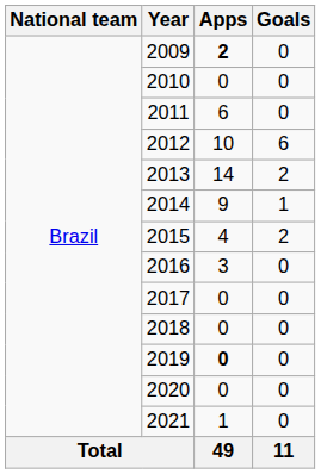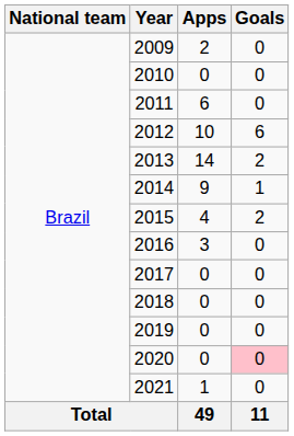 <table class="wikitable" style="text-align:center">
 <tr>
 <th>National team</th>
 <th>Year</th>
 <th>Apps</th>
 <th>Goals</th>
 </tr>
 <tr>
 <td rowspan="13"><a href='#'>Brazil</a></td>
 <td>2009</td>
-<td><strong>2</strong></td>
+<td>2</td>
 <td>0</td>
 </tr>
 <tr>
 <td>2010</td>
 <td>0</td>
 <td>0</td>
 </tr>
 <tr>
 <td>2011</td>
 <td>6</td>
 <td>0</td>
 </tr>
 <tr>
 <td>2012</td>
 <td>10</td>
 <td>6</td>
 </tr>
 <tr>
 <td>2013</td>
 <td>14</td>
 <td>2</td>
 </tr>
 <tr>
 <td>2014</td>
 <td>9</td>
 <td>1</td>
 </tr>
 <tr>
 <td>2015</td>
 <td>4</td>
 <td>2</td>
 </tr>
 <tr>
 <td>2016</td>
 <td>3</td>
 <td>0</td>
 </tr>
 <tr>
 <td>2017</td>
 <td>0</td>
 <td>0</td>
 </tr>
 <tr>
 <td>2018</td>
 <td>0</td>
 <td>0</td>
 </tr>
 <tr>
 <td>2019</td>
-<td><strong>0</strong></td>
+<td>0</td>
 <td>0</td>
 </tr>
 <tr>
 <td>2020</td>
 <td>0</td>
-<td>0</td>
+<td style="background: pink;">0</td>
 </tr>
 <tr>
 <td>2021</td>
 <td>1</td>
 <td>0</td>
 </tr>
 <tr>
 <th colspan="2">Total</th>
 <th>49</th>
 <th>11</th>
 </tr>
 </table>
